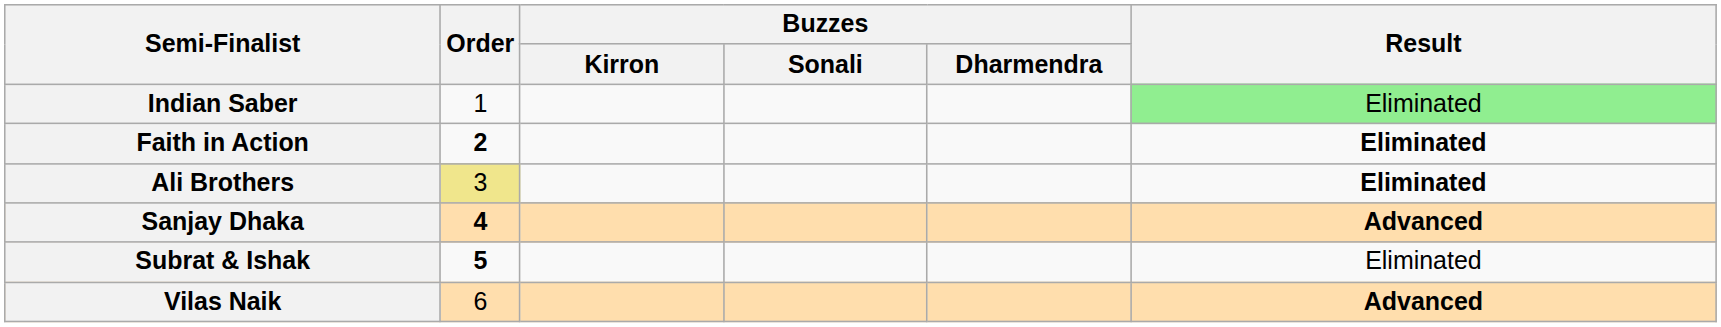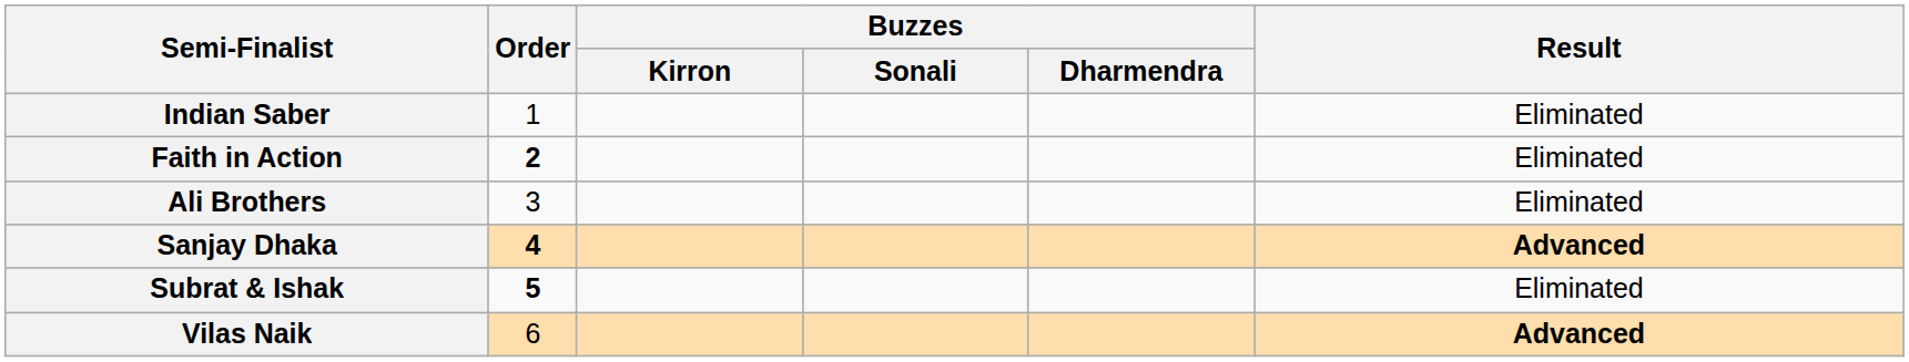 <table class="wikitable plainrowheaders sortable" style="text-align:center;">
 <tr>
 <th rowspan="2" scope="col" class="unsortable" style="width:17em;">Semi-Finalist</th>
 <th rowspan="2" scope="col" style="width:1em;">Order</th>
 <th colspan="3" scope="col" class="unsortable" style="width:24em;">Buzzes</th>
 <th rowspan="2" scope="col" style="width:23em;">Result</th>
 </tr>
 <tr>
 <th scope="col" class="unsortable" style="width:6em;">Kirron</th>
 <th scope="col" class="unsortable" style="width:6em;">Sonali</th>
 <th scope="col" class="unsortable" style="width:6em;">Dharmendra</th>
 </tr>
 <tr>
 <th scope="row">Indian Saber</th>
 <td>1</td>
 <td style="text-align:center;"></td>
 <td style="text-align:center;"></td>
 <td style="text-align:center;"></td>
-<td style="background: lightgreen;">Eliminated</td>
+<td>Eliminated</td>
 </tr>
 <tr>
 <th scope="row">Faith in Action</th>
 <td><strong>2</strong></td>
 <td style="text-align:center;"></td>
 <td style="text-align:center;"></td>
 <td style="text-align:center;"></td>
-<td><strong>Eliminated</strong></td>
+<td>Eliminated</td>
 </tr>
 <tr>
 <th scope="row">Ali Brothers</th>
-<td style="background: khaki;">3</td>
+<td>3</td>
 <td style="text-align:center;"></td>
 <td style="text-align:center;"></td>
 <td style="text-align:center;"></td>
-<td><strong>Eliminated</strong></td>
+<td>Eliminated</td>
 </tr>
 <tr style="background:NavajoWhite;">
 <th scope="row"><strong>Sanjay Dhaka</strong></th>
 <td><strong>4</strong></td>
 <td style="text-align:center;"></td>
 <td style="text-align:center;"></td>
 <td style="text-align:center;"></td>
 <td><strong>Advanced</strong></td>
 </tr>
 <tr>
 <th scope="row">Subrat & Ishak</th>
 <td><strong>5</strong></td>
 <td style="text-align:center;"></td>
 <td style="text-align:center;"></td>
 <td style="text-align:center;"></td>
 <td>Eliminated</td>
 </tr>
 <tr style="background:NavajoWhite;">
 <th scope="row"><strong>Vilas Naik</strong></th>
 <td>6</td>
 <td style="text-align:center;"></td>
 <td style="text-align:center;"></td>
 <td style="text-align:center;"></td>
 <td><strong>Advanced</strong></td>
 </tr>
 </table>
